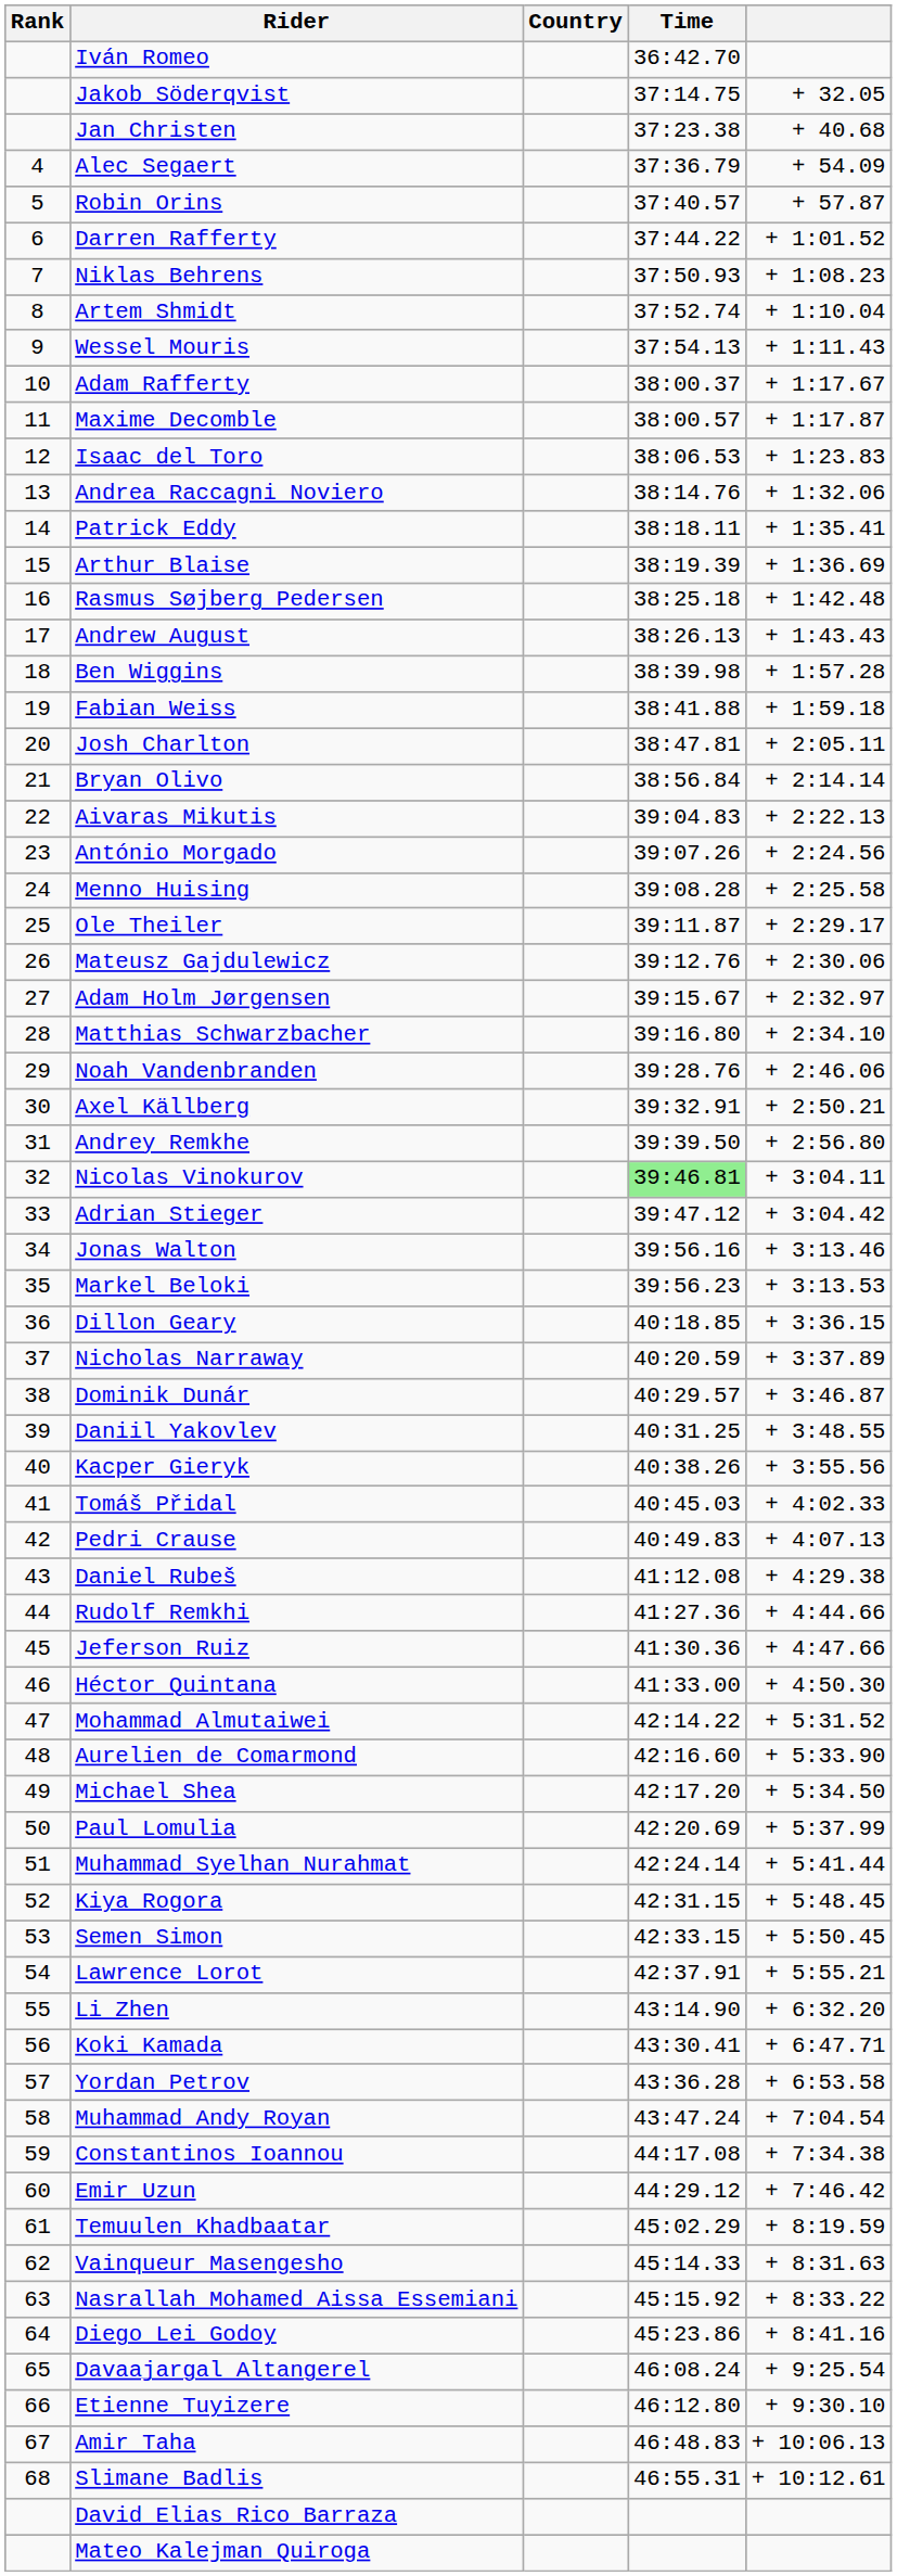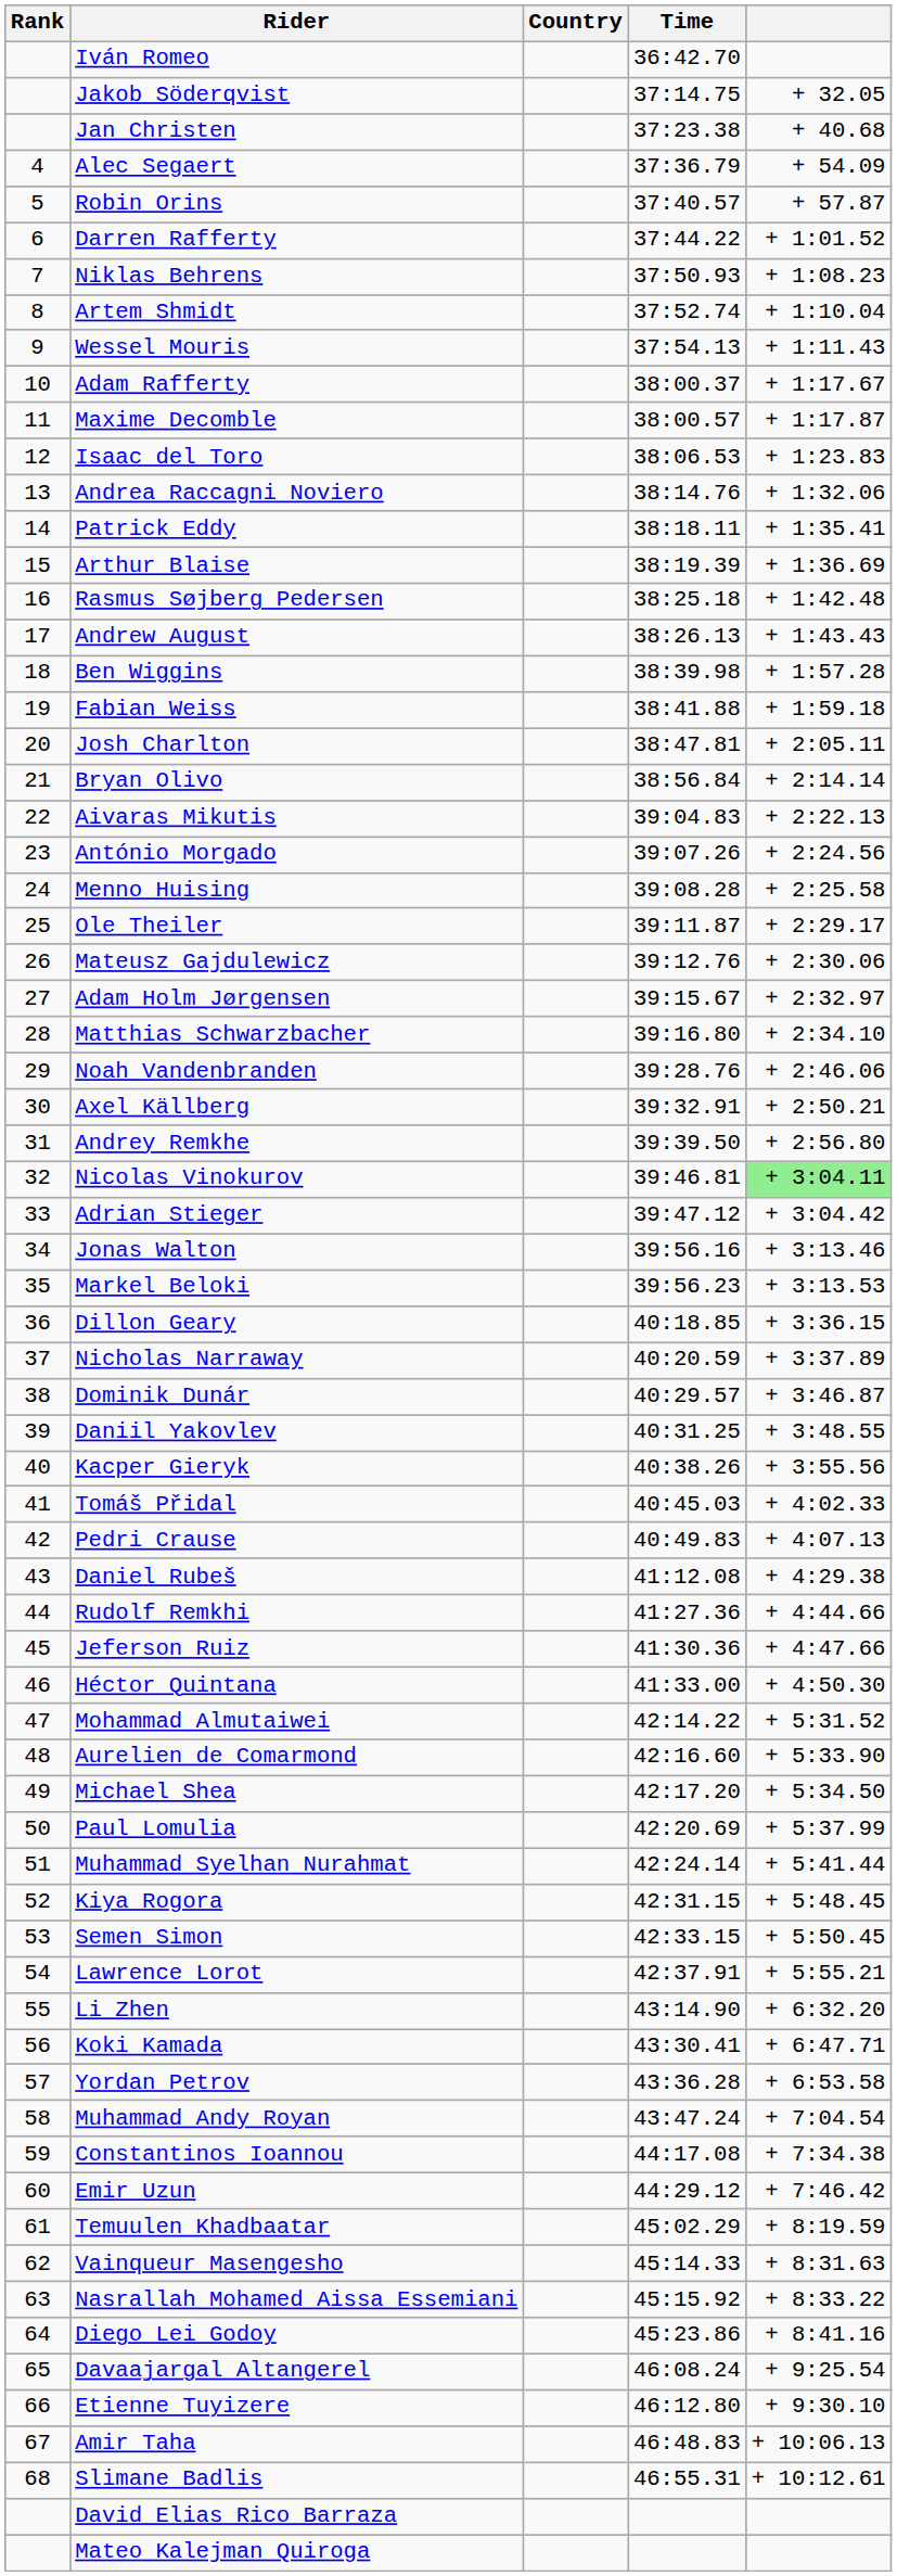 <table class="wikitable sortable" style="font-size:95%; text-align:center;">
 <tr>
 <th scope="col">Rank</th>
 <th scope="col">Rider</th>
 <th scope="col">Country</th>
 <th scope="col">Time</th>
 <th scope="col"></th>
 </tr>
 <tr>
 <td></td>
 <td align=left><a href='#'>Iván Romeo</a></td>
 <td align=left></td>
 <td>36:42.70</td>
 <td align=right></td>
 </tr>
 <tr>
 <td></td>
 <td align=left><a href='#'>Jakob Söderqvist</a></td>
 <td align=left></td>
 <td>37:14.75</td>
 <td align=right>+ 32.05</td>
 </tr>
 <tr>
 <td></td>
 <td align=left><a href='#'>Jan Christen</a></td>
 <td align=left></td>
 <td>37:23.38</td>
 <td align=right>+ 40.68</td>
 </tr>
 <tr>
 <td>4</td>
 <td align=left><a href='#'>Alec Segaert</a></td>
 <td align=left></td>
 <td>37:36.79</td>
 <td align=right>+ 54.09</td>
 </tr>
 <tr>
 <td>5</td>
 <td align=left><a href='#'>Robin Orins</a></td>
 <td align=left></td>
 <td>37:40.57</td>
 <td align=right>+ 57.87</td>
 </tr>
 <tr>
 <td>6</td>
 <td align=left><a href='#'>Darren Rafferty</a></td>
 <td align=left></td>
 <td>37:44.22</td>
 <td align=right>+ 1:01.52</td>
 </tr>
 <tr>
 <td>7</td>
 <td align=left><a href='#'>Niklas Behrens</a></td>
 <td align=left></td>
 <td>37:50.93</td>
 <td align=right>+ 1:08.23</td>
 </tr>
 <tr>
 <td>8</td>
 <td align=left><a href='#'>Artem Shmidt</a></td>
 <td align=left></td>
 <td>37:52.74</td>
 <td align=right>+ 1:10.04</td>
 </tr>
 <tr>
 <td>9</td>
 <td align=left><a href='#'>Wessel Mouris</a></td>
 <td align=left></td>
 <td>37:54.13</td>
 <td align=right>+ 1:11.43</td>
 </tr>
 <tr>
 <td>10</td>
 <td align=left><a href='#'>Adam Rafferty</a></td>
 <td align=left></td>
 <td>38:00.37</td>
 <td align=right>+ 1:17.67</td>
 </tr>
 <tr>
 <td>11</td>
 <td align=left><a href='#'>Maxime Decomble</a></td>
 <td align=left></td>
 <td>38:00.57</td>
 <td align=right>+ 1:17.87</td>
 </tr>
 <tr>
 <td>12</td>
 <td align=left><a href='#'>Isaac del Toro</a></td>
 <td align=left></td>
 <td>38:06.53</td>
 <td align=right>+ 1:23.83</td>
 </tr>
 <tr>
 <td>13</td>
 <td align=left><a href='#'>Andrea Raccagni Noviero</a></td>
 <td align=left></td>
 <td>38:14.76</td>
 <td align=right>+ 1:32.06</td>
 </tr>
 <tr>
 <td>14</td>
 <td align=left><a href='#'>Patrick Eddy</a></td>
 <td align=left></td>
 <td>38:18.11</td>
 <td align=right>+ 1:35.41</td>
 </tr>
 <tr>
 <td>15</td>
 <td align=left><a href='#'>Arthur Blaise</a></td>
 <td align=left></td>
 <td>38:19.39</td>
 <td align=right>+ 1:36.69</td>
 </tr>
 <tr>
 <td>16</td>
 <td align=left><a href='#'>Rasmus Søjberg Pedersen</a></td>
 <td align=left></td>
 <td>38:25.18</td>
 <td align=right>+ 1:42.48</td>
 </tr>
 <tr>
 <td>17</td>
 <td align=left><a href='#'>Andrew August</a></td>
 <td align=left></td>
 <td>38:26.13</td>
 <td align=right>+ 1:43.43</td>
 </tr>
 <tr>
 <td>18</td>
 <td align=left><a href='#'>Ben Wiggins</a></td>
 <td align=left></td>
 <td>38:39.98</td>
 <td align=right>+ 1:57.28</td>
 </tr>
 <tr>
 <td>19</td>
 <td align=left><a href='#'>Fabian Weiss</a></td>
 <td align=left></td>
 <td>38:41.88</td>
 <td align=right>+ 1:59.18</td>
 </tr>
 <tr>
 <td>20</td>
 <td align=left><a href='#'>Josh Charlton</a></td>
 <td align=left></td>
 <td>38:47.81</td>
 <td align=right>+ 2:05.11</td>
 </tr>
 <tr>
 <td>21</td>
 <td align=left><a href='#'>Bryan Olivo</a></td>
 <td align=left></td>
 <td>38:56.84</td>
 <td align=right>+ 2:14.14</td>
 </tr>
 <tr>
 <td>22</td>
 <td align=left><a href='#'>Aivaras Mikutis</a></td>
 <td align=left></td>
 <td>39:04.83</td>
 <td align=right>+ 2:22.13</td>
 </tr>
 <tr>
 <td>23</td>
 <td align=left><a href='#'>António Morgado</a></td>
 <td align=left></td>
 <td>39:07.26</td>
 <td align=right>+ 2:24.56</td>
 </tr>
 <tr>
 <td>24</td>
 <td align=left><a href='#'>Menno Huising</a></td>
 <td align=left></td>
 <td>39:08.28</td>
 <td align=right>+ 2:25.58</td>
 </tr>
 <tr>
 <td>25</td>
 <td align=left><a href='#'>Ole Theiler</a></td>
 <td align=left></td>
 <td>39:11.87</td>
 <td align=right>+ 2:29.17</td>
 </tr>
 <tr>
 <td>26</td>
 <td align=left><a href='#'>Mateusz Gajdulewicz</a></td>
 <td align=left></td>
 <td>39:12.76</td>
 <td align=right>+ 2:30.06</td>
 </tr>
 <tr>
 <td>27</td>
 <td align=left><a href='#'>Adam Holm Jørgensen</a></td>
 <td align=left></td>
 <td>39:15.67</td>
 <td align=right>+ 2:32.97</td>
 </tr>
 <tr>
 <td>28</td>
 <td align=left><a href='#'>Matthias Schwarzbacher</a></td>
 <td align=left></td>
 <td>39:16.80</td>
 <td align=right>+ 2:34.10</td>
 </tr>
 <tr>
 <td>29</td>
 <td align=left><a href='#'>Noah Vandenbranden</a></td>
 <td align=left></td>
 <td>39:28.76</td>
 <td align=right>+ 2:46.06</td>
 </tr>
 <tr>
 <td>30</td>
 <td align=left><a href='#'>Axel Källberg</a></td>
 <td align=left></td>
 <td>39:32.91</td>
 <td align=right>+ 2:50.21</td>
 </tr>
 <tr>
 <td>31</td>
 <td align=left><a href='#'>Andrey Remkhe</a></td>
 <td align=left></td>
 <td>39:39.50</td>
 <td align=right>+ 2:56.80</td>
 </tr>
 <tr>
 <td>32</td>
 <td align=left><a href='#'>Nicolas Vinokurov</a></td>
 <td align=left></td>
-<td style="background: lightgreen;">39:46.81</td>
-<td align=right>+ 3:04.11</td>
+<td>39:46.81</td>
+<td align=right style="background: lightgreen;">+ 3:04.11</td>
 </tr>
 <tr>
 <td>33</td>
 <td align=left><a href='#'>Adrian Stieger</a></td>
 <td align=left></td>
 <td>39:47.12</td>
 <td align=right>+ 3:04.42</td>
 </tr>
 <tr>
 <td>34</td>
 <td align=left><a href='#'>Jonas Walton</a></td>
 <td align=left></td>
 <td>39:56.16</td>
 <td align=right>+ 3:13.46</td>
 </tr>
 <tr>
 <td>35</td>
 <td align=left><a href='#'>Markel Beloki</a></td>
 <td align=left></td>
 <td>39:56.23</td>
 <td align=right>+ 3:13.53</td>
 </tr>
 <tr>
 <td>36</td>
 <td align=left><a href='#'>Dillon Geary</a></td>
 <td align=left></td>
 <td>40:18.85</td>
 <td align=right>+ 3:36.15</td>
 </tr>
 <tr>
 <td>37</td>
 <td align=left><a href='#'>Nicholas Narraway</a></td>
 <td align=left></td>
 <td>40:20.59</td>
 <td align=right>+ 3:37.89</td>
 </tr>
 <tr>
 <td>38</td>
 <td align=left><a href='#'>Dominik Dunár</a></td>
 <td align=left></td>
 <td>40:29.57</td>
 <td align=right>+ 3:46.87</td>
 </tr>
 <tr>
 <td>39</td>
 <td align=left><a href='#'>Daniil Yakovlev</a></td>
 <td align=left></td>
 <td>40:31.25</td>
 <td align=right>+ 3:48.55</td>
 </tr>
 <tr>
 <td>40</td>
 <td align=left><a href='#'>Kacper Gieryk</a></td>
 <td align=left></td>
 <td>40:38.26</td>
 <td align=right>+ 3:55.56</td>
 </tr>
 <tr>
 <td>41</td>
 <td align=left><a href='#'>Tomáš Přidal</a></td>
 <td align=left></td>
 <td>40:45.03</td>
 <td align=right>+ 4:02.33</td>
 </tr>
 <tr>
 <td>42</td>
 <td align=left><a href='#'>Pedri Crause</a></td>
 <td align=left></td>
 <td>40:49.83</td>
 <td align=right>+ 4:07.13</td>
 </tr>
 <tr>
 <td>43</td>
 <td align=left><a href='#'>Daniel Rubeš</a></td>
 <td align=left></td>
 <td>41:12.08</td>
 <td align=right>+ 4:29.38</td>
 </tr>
 <tr>
 <td>44</td>
 <td align=left><a href='#'>Rudolf Remkhi</a></td>
 <td align=left></td>
 <td>41:27.36</td>
 <td align=right>+ 4:44.66</td>
 </tr>
 <tr>
 <td>45</td>
 <td align=left><a href='#'>Jeferson Ruiz</a></td>
 <td align=left></td>
 <td>41:30.36</td>
 <td align=right>+ 4:47.66</td>
 </tr>
 <tr>
 <td>46</td>
 <td align=left><a href='#'>Héctor Quintana</a></td>
 <td align=left></td>
 <td>41:33.00</td>
 <td align=right>+ 4:50.30</td>
 </tr>
 <tr>
 <td>47</td>
 <td align=left><a href='#'>Mohammad Almutaiwei</a></td>
 <td align=left></td>
 <td>42:14.22</td>
 <td align=right>+ 5:31.52</td>
 </tr>
 <tr>
 <td>48</td>
 <td align=left><a href='#'>Aurelien de Comarmond</a></td>
 <td align=left></td>
 <td>42:16.60</td>
 <td align=right>+ 5:33.90</td>
 </tr>
 <tr>
 <td>49</td>
 <td align=left><a href='#'>Michael Shea</a></td>
 <td align=left></td>
 <td>42:17.20</td>
 <td align=right>+ 5:34.50</td>
 </tr>
 <tr>
 <td>50</td>
 <td align=left><a href='#'>Paul Lomulia</a></td>
 <td align=left></td>
 <td>42:20.69</td>
 <td align=right>+ 5:37.99</td>
 </tr>
 <tr>
 <td>51</td>
 <td align=left><a href='#'>Muhammad Syelhan Nurahmat</a></td>
 <td align=left></td>
 <td>42:24.14</td>
 <td align=right>+ 5:41.44</td>
 </tr>
 <tr>
 <td>52</td>
 <td align=left><a href='#'>Kiya Rogora</a></td>
 <td align=left></td>
 <td>42:31.15</td>
 <td align=right>+ 5:48.45</td>
 </tr>
 <tr>
 <td>53</td>
 <td align=left><a href='#'>Semen Simon</a></td>
 <td align=left></td>
 <td>42:33.15</td>
 <td align=right>+ 5:50.45</td>
 </tr>
 <tr>
 <td>54</td>
 <td align=left><a href='#'>Lawrence Lorot</a></td>
 <td align=left></td>
 <td>42:37.91</td>
 <td align=right>+ 5:55.21</td>
 </tr>
 <tr>
 <td>55</td>
 <td align=left><a href='#'>Li Zhen</a></td>
 <td align=left></td>
 <td>43:14.90</td>
 <td align=right>+ 6:32.20</td>
 </tr>
 <tr>
 <td>56</td>
 <td align=left><a href='#'>Koki Kamada</a></td>
 <td align=left></td>
 <td>43:30.41</td>
 <td align=right>+ 6:47.71</td>
 </tr>
 <tr>
 <td>57</td>
 <td align=left><a href='#'>Yordan Petrov</a></td>
 <td align=left></td>
 <td>43:36.28</td>
 <td align=right>+ 6:53.58</td>
 </tr>
 <tr>
 <td>58</td>
 <td align=left><a href='#'>Muhammad Andy Royan</a></td>
 <td align=left></td>
 <td>43:47.24</td>
 <td align=right>+ 7:04.54</td>
 </tr>
 <tr>
 <td>59</td>
 <td align=left><a href='#'>Constantinos Ioannou</a></td>
 <td align=left></td>
 <td>44:17.08</td>
 <td align=right>+ 7:34.38</td>
 </tr>
 <tr>
 <td>60</td>
 <td align=left><a href='#'>Emir Uzun</a></td>
 <td align=left></td>
 <td>44:29.12</td>
 <td align=right>+ 7:46.42</td>
 </tr>
 <tr>
 <td>61</td>
 <td align=left><a href='#'>Temuulen Khadbaatar</a></td>
 <td align=left></td>
 <td>45:02.29</td>
 <td align=right>+ 8:19.59</td>
 </tr>
 <tr>
 <td>62</td>
 <td align=left><a href='#'>Vainqueur Masengesho</a></td>
 <td align=left></td>
 <td>45:14.33</td>
 <td align=right>+ 8:31.63</td>
 </tr>
 <tr>
 <td>63</td>
 <td align=left><a href='#'>Nasrallah Mohamed Aissa Essemiani</a></td>
 <td align=left></td>
 <td>45:15.92</td>
 <td align=right>+ 8:33.22</td>
 </tr>
 <tr>
 <td>64</td>
 <td align=left><a href='#'>Diego Lei Godoy</a></td>
 <td align=left></td>
 <td>45:23.86</td>
 <td align=right>+ 8:41.16</td>
 </tr>
 <tr>
 <td>65</td>
 <td align=left><a href='#'>Davaajargal Altangerel</a></td>
 <td align=left></td>
 <td>46:08.24</td>
 <td align=right>+ 9:25.54</td>
 </tr>
 <tr>
 <td>66</td>
 <td align=left><a href='#'>Etienne Tuyizere</a></td>
 <td align=left></td>
 <td>46:12.80</td>
 <td align=right>+ 9:30.10</td>
 </tr>
 <tr>
 <td>67</td>
 <td align=left><a href='#'>Amir Taha</a></td>
 <td align=left></td>
 <td>46:48.83</td>
 <td align=right>+ 10:06.13</td>
 </tr>
 <tr>
 <td>68</td>
 <td align=left><a href='#'>Slimane Badlis</a></td>
 <td align=left></td>
 <td>46:55.31</td>
 <td align=right>+ 10:12.61</td>
 </tr>
 <tr>
 <td></td>
 <td align=left><a href='#'>David Elias Rico Barraza</a></td>
 <td align=left></td>
 <td></td>
 <td align=right></td>
 </tr>
 <tr>
 <td></td>
 <td align=left><a href='#'>Mateo Kalejman Quiroga</a></td>
 <td align=left></td>
 <td></td>
 <td align=right></td>
 </tr>
 </table>
